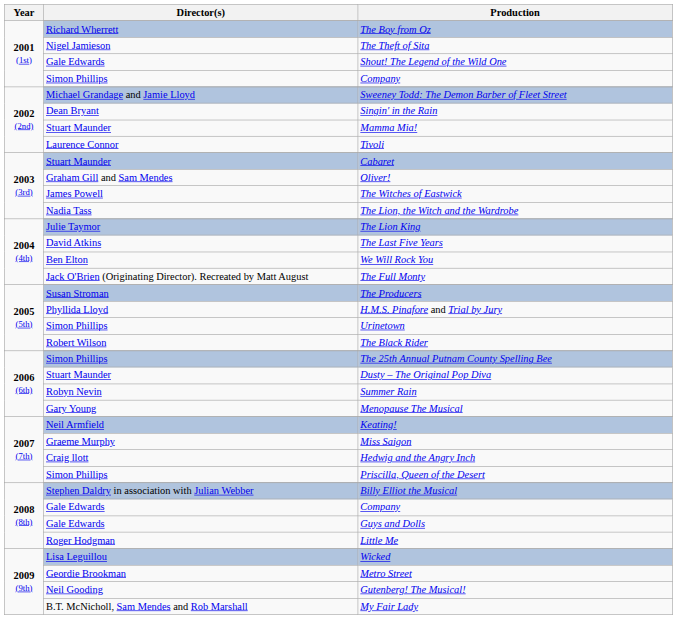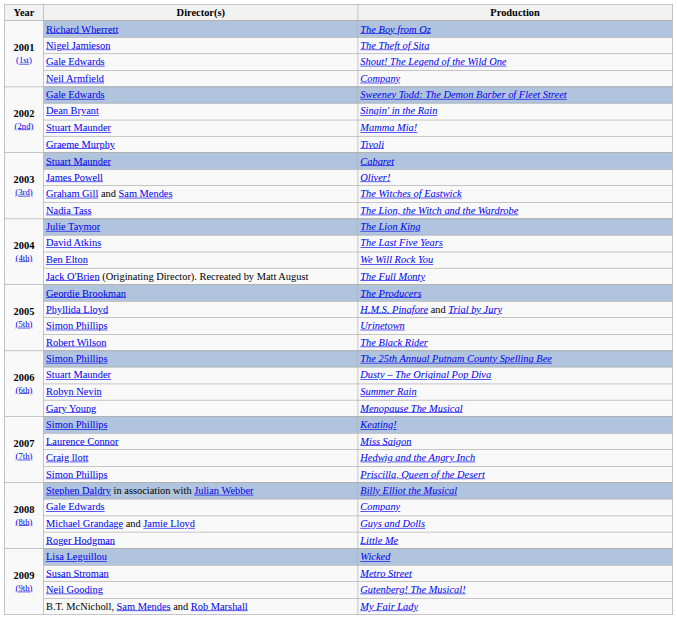 <table class="sortable wikitable">
 <tr>
 <th width="5%">Year</th>
 <th width="40%">Director(s)</th>
 <th width="40%">Production</th>
 </tr>
 <tr>
 <td rowspan="5" align="center"><strong>2001</strong><br><small><a href='#'>(1st)</a></small></td>
 </tr>
 <tr style="background:#B0C4DE">
 <td><a href='#'>Richard Wherrett</a></td>
 <td><em><a href='#'>The Boy from Oz</a></em></td>
 </tr>
 <tr>
 <td><a href='#'>Nigel Jamieson</a></td>
 <td><em><a href='#'>The Theft of Sita</a></em></td>
 </tr>
 <tr>
 <td><a href='#'>Gale Edwards</a></td>
 <td><em><a href='#'>Shout! The Legend of the Wild One</a></em></td>
 </tr>
 <tr>
-<td><a href='#'>Simon Phillips</a></td>
+<td><a href='#'>Neil Armfield</a></td>
 <td><em><a href='#'>Company</a></em></td>
 </tr>
 <tr>
 <td rowspan=5 align="center"><strong>2002</strong><br><small><a href='#'>(2nd)</a></small></td>
 </tr>
 <tr style="background:#B0C4DE">
-<td><a href='#'>Michael Grandage</a> and <a href='#'>Jamie Lloyd</a></td>
+<td><a href='#'>Gale Edwards</a></td>
 <td><em><a href='#'>Sweeney Todd: The Demon Barber of Fleet Street</a></em></td>
 </tr>
 <tr>
 <td><a href='#'>Dean Bryant</a></td>
 <td><em><a href='#'>Singin' in the Rain</a></em></td>
 </tr>
 <tr>
 <td><a href='#'>Stuart Maunder</a></td>
 <td><em><a href='#'>Mamma Mia!</a></em></td>
 </tr>
 <tr>
-<td><a href='#'>Laurence Connor</a></td>
+<td><a href='#'>Graeme Murphy</a></td>
 <td><em><a href='#'>Tivoli</a></em></td>
 </tr>
 <tr>
 <td rowspan=5 align="center"><strong>2003</strong><br><small><a href='#'>(3rd)</a></small></td>
 </tr>
 <tr style="background:#B0C4DE">
 <td><a href='#'>Stuart Maunder</a></td>
 <td><em><a href='#'>Cabaret</a></em></td>
 </tr>
 <tr>
-<td><a href='#'>Graham Gill</a> and <a href='#'>Sam Mendes</a></td>
+<td><a href='#'>James Powell</a></td>
 <td><em><a href='#'>Oliver!</a></em></td>
 </tr>
 <tr>
-<td><a href='#'>James Powell</a></td>
+<td><a href='#'>Graham Gill</a> and <a href='#'>Sam Mendes</a></td>
 <td><em><a href='#'>The Witches of Eastwick</a></em></td>
 </tr>
 <tr>
 <td><a href='#'>Nadia Tass</a></td>
 <td><em><a href='#'>The Lion, the Witch and the Wardrobe</a></em></td>
 </tr>
 <tr>
 <td rowspan=5 align="center"><strong>2004</strong><br><small><a href='#'>(4th)</a></small></td>
 </tr>
 <tr style="background:#B0C4DE">
 <td><a href='#'>Julie Taymor</a></td>
 <td><em><a href='#'>The Lion King</a></em></td>
 </tr>
 <tr>
 <td><a href='#'>David Atkins</a></td>
 <td><em><a href='#'>The Last Five Years</a></em></td>
 </tr>
 <tr>
 <td><a href='#'>Ben Elton</a></td>
 <td><em><a href='#'>We Will Rock You</a></em></td>
 </tr>
 <tr>
 <td><a href='#'>Jack O'Brien</a> (Originating Director). Recreated by Matt August</td>
 <td><em><a href='#'>The Full Monty</a></em></td>
 </tr>
 <tr>
 <td rowspan=5 align="center"><strong>2005</strong><br><small><a href='#'>(5th)</a></small></td>
 </tr>
 <tr style="background:#B0C4DE">
-<td><a href='#'>Susan Stroman</a></td>
+<td><a href='#'>Geordie Brookman</a></td>
 <td><em><a href='#'>The Producers</a></em></td>
 </tr>
 <tr>
 <td><a href='#'>Phyllida Lloyd</a></td>
 <td><em><a href='#'>H.M.S. Pinafore</a></em> and <em><a href='#'>Trial by Jury</a></em></td>
 </tr>
 <tr>
 <td><a href='#'>Simon Phillips</a></td>
 <td><em><a href='#'>Urinetown</a></em></td>
 </tr>
 <tr>
 <td><a href='#'>Robert Wilson</a></td>
 <td><em><a href='#'>The Black Rider</a></em></td>
 </tr>
 <tr>
 <td rowspan=5 align="center"><strong>2006</strong><br><small><a href='#'>(6th)</a></small></td>
 </tr>
 <tr style="background:#B0C4DE">
 <td><a href='#'>Simon Phillips</a></td>
 <td><em><a href='#'>The 25th Annual Putnam County Spelling Bee</a></em></td>
 </tr>
 <tr>
 <td><a href='#'>Stuart Maunder</a></td>
 <td><em><a href='#'>Dusty – The Original Pop Diva</a></em></td>
 </tr>
 <tr>
 <td><a href='#'>Robyn Nevin</a></td>
 <td><em><a href='#'>Summer Rain</a></em></td>
 </tr>
 <tr>
 <td><a href='#'>Gary Young</a></td>
 <td><em><a href='#'>Menopause The Musical</a></em></td>
 </tr>
 <tr>
 <td rowspan=5 align="center"><strong>2007</strong><br><small><a href='#'>(7th)</a></small></td>
 </tr>
 <tr style="background:#B0C4DE">
-<td><a href='#'>Neil Armfield</a></td>
+<td><a href='#'>Simon Phillips</a></td>
 <td><em><a href='#'>Keating!</a></em></td>
 </tr>
 <tr>
-<td><a href='#'>Graeme Murphy</a></td>
+<td><a href='#'>Laurence Connor</a></td>
 <td><em><a href='#'>Miss Saigon</a></em></td>
 </tr>
 <tr>
 <td><a href='#'>Craig llott</a></td>
 <td><em><a href='#'>Hedwig and the Angry Inch</a></em></td>
 </tr>
 <tr>
 <td><a href='#'>Simon Phillips</a></td>
 <td><em><a href='#'>Priscilla, Queen of the Desert</a></em></td>
 </tr>
 <tr>
 <td rowspan=5 align="center"><strong>2008</strong><br><small><a href='#'>(8th)</a></small></td>
 </tr>
 <tr style="background:#B0C4DE">
 <td><a href='#'>Stephen Daldry</a> in association with <a href='#'>Julian Webber</a></td>
 <td><em><a href='#'>Billy Elliot the Musical</a></em></td>
 </tr>
 <tr>
 <td><a href='#'>Gale Edwards</a></td>
 <td><em><a href='#'>Company</a></em></td>
 </tr>
 <tr>
-<td><a href='#'>Gale Edwards</a></td>
+<td><a href='#'>Michael Grandage</a> and <a href='#'>Jamie Lloyd</a></td>
 <td><em><a href='#'>Guys and Dolls</a></em></td>
 </tr>
 <tr>
 <td><a href='#'>Roger Hodgman</a></td>
 <td><em><a href='#'>Little Me</a></em></td>
 </tr>
 <tr>
 <td rowspan=5 align="center"><strong>2009</strong><br><small><a href='#'>(9th)</a></small></td>
 </tr>
 <tr style="background:#B0C4DE">
 <td><a href='#'>Lisa Leguillou</a></td>
 <td><em><a href='#'>Wicked</a></em></td>
 </tr>
 <tr>
-<td><a href='#'>Geordie Brookman</a></td>
+<td><a href='#'>Susan Stroman</a></td>
 <td><em><a href='#'>Metro Street</a></em></td>
 </tr>
 <tr>
 <td><a href='#'>Neil Gooding</a></td>
 <td><em><a href='#'>Gutenberg! The Musical!</a></em></td>
 </tr>
 <tr>
 <td>B.T. McNicholl, <a href='#'>Sam Mendes</a> and <a href='#'>Rob Marshall</a></td>
 <td><em><a href='#'>My Fair Lady</a></em></td>
 </tr>
 </table>
